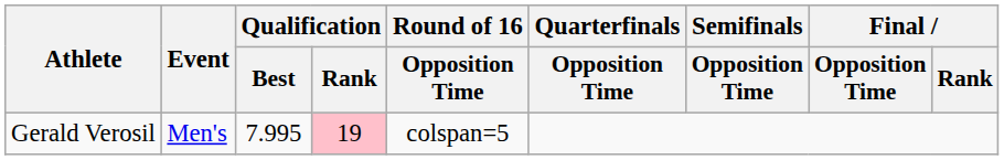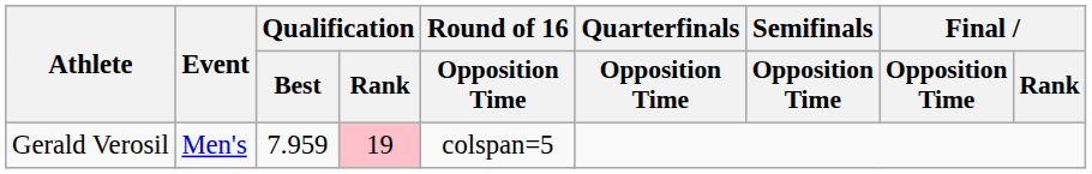 <table class=wikitable style="font-size:90%; text-align:center;">
 <tr>
 <th rowspan="2">Athlete</th>
 <th rowspan="2">Event</th>
 <th colspan=2>Qualification</th>
 <th>Round of 16</th>
 <th>Quarterfinals</th>
 <th>Semifinals</th>
 <th colspan=2>Final / </th>
 </tr>
 <tr style="font-size:95%">
 <th>Best</th>
 <th>Rank</th>
 <th>Opposition<br>Time</th>
 <th>Opposition<br>Time</th>
 <th>Opposition<br>Time</th>
 <th>Opposition<br>Time</th>
 <th>Rank</th>
 </tr>
 <tr>
 <td align=left>Gerald Verosil</td>
 <td align=left><a href='#'>Men's</a></td>
-<td>7.995</td>
+<td>7.959</td>
 <td style="background: pink;">19</td>
 <td>colspan=5 </td>
 </tr>
 </table>
